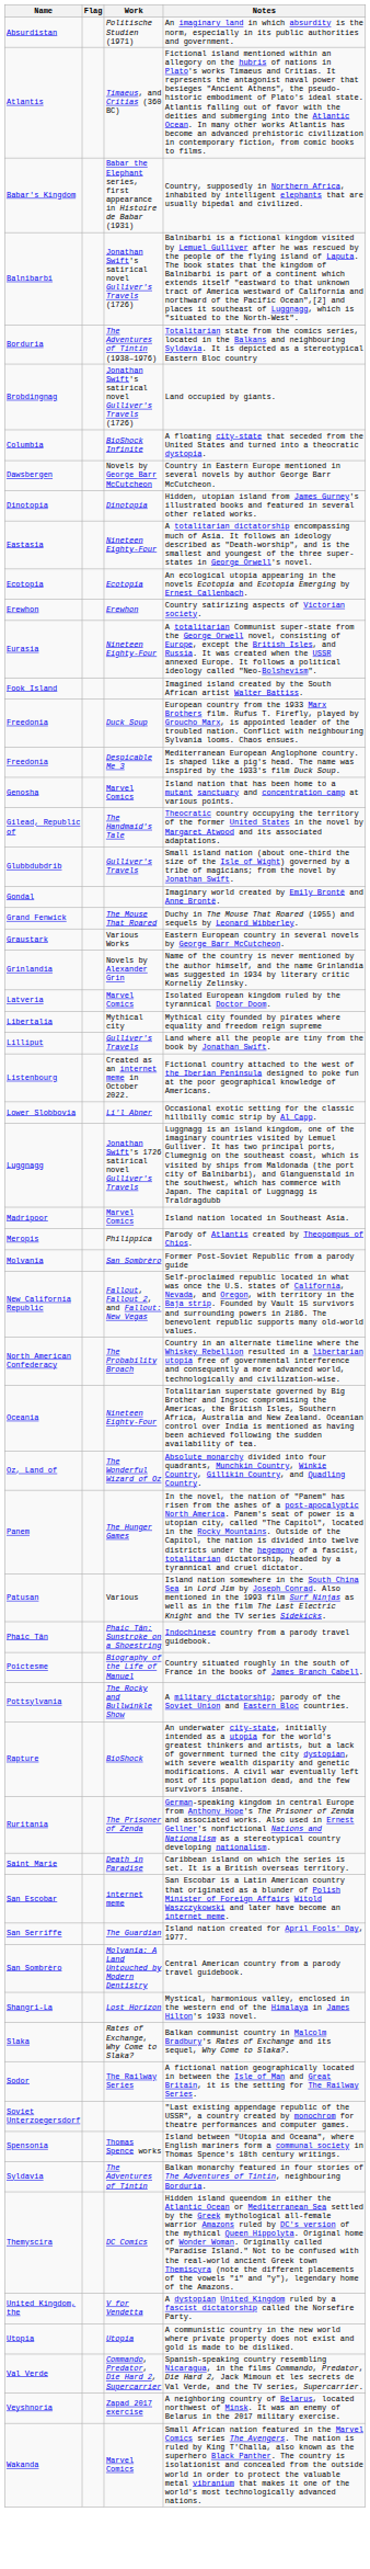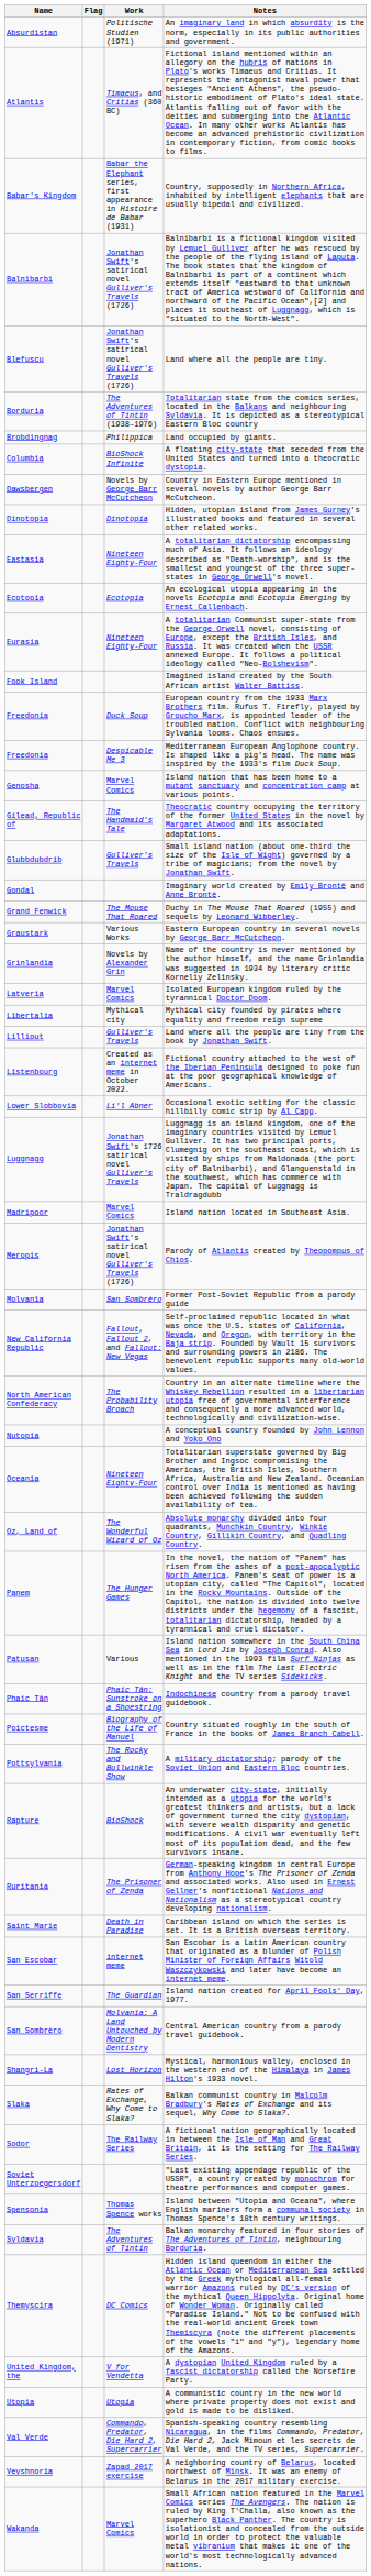 <table class="wikitable sortable sticky-header">
 <tr>
 <th style="width:14%;">Name</th>
 <th style="width:100px;">Flag</th>
 <th style="width:13%;">Work</th>
 <th style="width:73%;">Notes</th>
 </tr>
 <tr>
 <td><a href='#'>Absurdistan</a></td>
 <td></td>
 <td><em>Politische Studien</em> (1971)</td>
 <td>An <a href='#'>imaginary land</a> in which <a href='#'>absurdity</a> is the norm, especially in its public authorities and government.</td>
 </tr>
 <tr>
 <td><a href='#'>Atlantis</a></td>
 <td></td>
 <td><em><a href='#'>Timaeus</a></em>, and <em><a href='#'>Critias</a></em> (360 BC)</td>
 <td>Fictional island mentioned within an allegory on the <a href='#'>hubris</a> of nations in <a href='#'>Plato</a>'s works Timaeus and Critias. It represents the antagonist naval power that besieges "Ancient Athens", the pseudo-historic embodiment of Plato's ideal state. Atlantis falling out of favor with the deities and submerging into the <a href='#'>Atlantic Ocean</a>. In many other works Atlantis has become an advanced prehistoric civilization in contemporary fiction, from comic books to films.</td>
 </tr>
 <tr>
 <td><a href='#'>Babar's Kingdom</a></td>
 <td></td>
 <td><a href='#'>Babar the Elephant</a> series, first appearance in <em>Histoire de Babar</em> (1931)</td>
 <td>Country, supposedly in <a href='#'>Northern Africa</a>, inhabited by intelligent <a href='#'>elephants</a> that are usually bipedal and civilized.</td>
 </tr>
 <tr>
 <td><a href='#'>Balnibarbi</a></td>
 <td></td>
 <td><a href='#'>Jonathan Swift</a>'s satirical novel <em><a href='#'>Gulliver's Travels</a></em> (1726)</td>
 <td>Balnibarbi is a fictional kingdom visited by <a href='#'>Lemuel Gulliver</a>  after he was rescued by the people of the flying island of <a href='#'>Laputa</a>.<br>The book states that the kingdom of Balnibarbi is part of a continent which extends itself "eastward to that unknown tract of America westward of California and northward of the Pacific Ocean",[2] and places it southeast of <a href='#'>Luggnagg</a>, which is "situated to the North-West".</td>
 </tr>
 <tr>
+<td><a href='#'>Blefuscu</a></td>
+<td></td>
+<td><a href='#'>Jonathan Swift</a>'s satirical novel <em><a href='#'>Gulliver's Travels</a></em> (1726)</td>
+<td>Land where all the people are tiny.</td>
+</tr>
+<tr>
 <td><a href='#'>Borduria</a></td>
 <td></td>
 <td><em><a href='#'>The Adventures of Tintin</a></em> (1938–1976)</td>
 <td><a href='#'>Totalitarian</a> state from the comics series, located in the <a href='#'>Balkans</a> and neighbouring <a href='#'>Syldavia</a>. It is depicted as a stereotypical Eastern Bloc country</td>
 </tr>
 <tr>
 <td><a href='#'>Brobdingnag</a></td>
 <td></td>
-<td><a href='#'>Jonathan Swift</a>'s satirical novel <em><a href='#'>Gulliver's Travels</a></em> (1726)</td>
+<td><em>Philippica</em></td>
 <td>Land occupied by giants.</td>
 </tr>
 <tr>
 <td><a href='#'>Columbia</a></td>
 <td></td>
 <td><em><a href='#'>BioShock Infinite</a></em></td>
 <td>A floating <a href='#'>city-state</a> that seceded from the United States and turned into a theocratic <a href='#'>dystopia</a>.</td>
 </tr>
 <tr>
 <td><a href='#'>Dawsbergen</a></td>
 <td></td>
 <td>Novels by <a href='#'>George Barr McCutcheon</a></td>
 <td>Country in Eastern Europe mentioned in several novels by author George Barr McCutcheon.</td>
 </tr>
 <tr>
 <td><a href='#'>Dinotopia</a></td>
 <td></td>
 <td><em><a href='#'>Dinotopia</a></em></td>
 <td>Hidden, utopian island from <a href='#'>James Gurney</a>'s illustrated books and featured in several other related works.</td>
 </tr>
 <tr>
 <td><a href='#'>Eastasia</a></td>
 <td></td>
 <td><em><a href='#'>Nineteen Eighty-Four</a></em></td>
 <td>A <a href='#'>totalitarian dictatorship</a> encompassing much of Asia. It follows an ideology described as "Death-worship", and is the smallest and youngest of the three super-states in <a href='#'>George Orwell</a>'s novel.</td>
 </tr>
 <tr>
 <td><a href='#'>Ecotopia</a></td>
 <td></td>
 <td><em><a href='#'>Ecotopia</a></em></td>
 <td>An ecological utopia appearing in the novels <em>Ecotopia</em> and <em>Ecotopia Emerging</em> by <a href='#'>Ernest Callenbach</a>.</td>
-</tr>
-<tr>
-<td><a href='#'>Erewhon</a></td>
-<td></td>
-<td><em><a href='#'>Erewhon</a></em></td>
-<td>Country satirizing aspects of <a href='#'>Victorian society</a>.</td>
 </tr>
 <tr>
 <td><a href='#'>Eurasia</a></td>
 <td></td>
 <td><em><a href='#'>Nineteen Eighty-Four</a></em></td>
 <td>A <a href='#'>totalitarian</a> Communist super-state from the <a href='#'>George Orwell</a> novel, consisting of <a href='#'>Europe</a>, except the <a href='#'>British Isles</a>, and <a href='#'>Russia</a>. It was created when the <a href='#'>USSR</a> annexed Europe. It follows a political ideology called "Neo-<a href='#'>Bolshevism</a>".</td>
 </tr>
 <tr>
 <td><a href='#'>Fook Island</a></td>
 <td></td>
 <td></td>
 <td>Imagined island created by the South African artist <a href='#'>Walter Battiss</a>.</td>
 </tr>
 <tr>
 <td><a href='#'>Freedonia</a></td>
 <td></td>
 <td><em><a href='#'>Duck Soup</a></em></td>
 <td>European country from the 1933 <a href='#'>Marx Brothers</a> film. Rufus T. Firefly, played by <a href='#'>Groucho Marx</a>, is appointed leader of the troubled nation. Conflict with neighbouring Sylvania looms. Chaos ensues.</td>
 </tr>
 <tr>
 <td><a href='#'>Freedonia</a></td>
 <td></td>
 <td><em><a href='#'>Despicable Me 3</a></em></td>
 <td>Mediterranean European Anglophone country. Is shaped like a pig's head. The name was inspired by the 1933's film <em>Duck Soup</em>.</td>
 </tr>
 <tr>
 <td><a href='#'>Genosha</a></td>
 <td></td>
 <td><a href='#'>Marvel Comics</a></td>
 <td>Island nation that has been home to a <a href='#'>mutant</a> <a href='#'>sanctuary</a> and <a href='#'>concentration camp</a> at various points.</td>
 </tr>
 <tr>
 <td><a href='#'>Gilead, Republic of</a></td>
 <td></td>
 <td><em><a href='#'>The Handmaid's Tale</a></em></td>
 <td><a href='#'>Theocratic</a> country occupying the territory of the former <a href='#'>United States</a> in the novel by <a href='#'>Margaret Atwood</a> and its associated adaptations.</td>
 </tr>
 <tr>
 <td><a href='#'>Glubbdubdrib</a></td>
 <td></td>
 <td><em><a href='#'>Gulliver's Travels</a></em></td>
 <td>Small island nation (about one-third the size of the <a href='#'>Isle of Wight</a>) governed by a tribe of magicians; from the novel by <a href='#'>Jonathan Swift</a>.</td>
 </tr>
 <tr>
 <td><a href='#'>Gondal</a></td>
 <td></td>
 <td></td>
 <td>Imaginary world created by <a href='#'>Emily Brontë</a> and <a href='#'>Anne Brontë</a>.</td>
 </tr>
 <tr>
 <td><a href='#'>Grand Fenwick</a></td>
 <td></td>
 <td><em><a href='#'>The Mouse That Roared</a></em></td>
 <td>Duchy in <em>The Mouse That Roared</em> (1955) and sequels by <a href='#'>Leonard Wibberley</a>.</td>
 </tr>
 <tr>
 <td><a href='#'>Graustark</a></td>
 <td></td>
 <td>Various Works</td>
 <td>Eastern European country in several novels by <a href='#'>George Barr McCutcheon</a>.</td>
 </tr>
 <tr>
 <td><a href='#'>Grinlandia</a></td>
 <td></td>
 <td>Novels by <a href='#'>Alexander Grin</a></td>
 <td>Name of the country is never mentioned by the author himself, and the name Grinlandia was suggested in 1934 by literary critic Korneliy Zelinsky.</td>
 </tr>
 <tr>
 <td><a href='#'>Latveria</a></td>
 <td></td>
 <td><a href='#'>Marvel Comics</a></td>
 <td>Isolated European kingdom ruled by the tyrannical <a href='#'>Doctor Doom</a>.</td>
 </tr>
 <tr>
 <td><a href='#'>Libertalia</a></td>
 <td></td>
 <td>Mythical city</td>
 <td>Mythical city founded by pirates where equality and freedom reign supreme</td>
 </tr>
 <tr>
 <td><a href='#'>Lilliput</a></td>
 <td></td>
 <td><em><a href='#'>Gulliver's Travels</a></em></td>
 <td>Land where all the people are tiny from the book by <a href='#'>Jonathan Swift</a>.</td>
 </tr>
 <tr>
 <td><a href='#'>Listenbourg</a></td>
 <td></td>
 <td>Created as an <a href='#'>internet meme</a> in October 2022.</td>
 <td>Fictional country attached to the west of <a href='#'>the Iberian Peninsula</a> designed to poke fun at the poor geographical knowledge of Americans.</td>
 </tr>
 <tr>
 <td><a href='#'>Lower Slobbovia</a></td>
 <td></td>
 <td><em><a href='#'>Li'l Abner</a></em></td>
 <td>Occasional exotic setting for the classic hillbilly comic strip by <a href='#'>Al Capp</a>.</td>
 </tr>
 <tr>
 <td><a href='#'>Luggnagg</a></td>
 <td></td>
 <td><a href='#'>Jonathan Swift</a>'s 1726 satirical novel <em><a href='#'>Gulliver's Travels</a></em></td>
 <td>Luggnagg is an island kingdom, one of the imaginary countries visited by Lemuel Gulliver. It has two principal ports, Clumegnig on the southeast coast, which is visited by ships from Maldonada (the port city of Balnibarbi), and Glanguenstald in the southwest, which has commerce with Japan. The capital of Luggnagg is Traldragdubb</td>
 </tr>
 <tr>
 <td><a href='#'>Madripoor</a></td>
 <td></td>
 <td><a href='#'>Marvel Comics</a></td>
 <td>Island nation located in Southeast Asia.</td>
 </tr>
 <tr>
 <td><a href='#'>Meropis</a></td>
 <td></td>
-<td><em>Philippica</em></td>
+<td><a href='#'>Jonathan Swift</a>'s satirical novel <em><a href='#'>Gulliver's Travels</a></em> (1726)</td>
 <td>Parody of <a href='#'>Atlantis</a> created by <a href='#'>Theopompus of Chios</a>.</td>
 </tr>
 <tr>
 <td><a href='#'>Molvanîa</a></td>
 <td></td>
 <td><em><a href='#'>San Sombrèro</a></em></td>
 <td>Former Post-Soviet Republic from a parody guide</td>
 </tr>
 <tr>
 <td><a href='#'>New California Republic</a></td>
 <td></td>
 <td><em><a href='#'>Fallout</a></em>, <em><a href='#'>Fallout 2</a></em>, and <em><a href='#'>Fallout: New Vegas</a></em></td>
 <td>Self-proclaimed republic located in what was once the U.S. states of <a href='#'>California</a>, <a href='#'>Nevada</a>, and <a href='#'>Oregon</a>, with territory in the <a href='#'>Baja strip</a>. Founded by Vault 15 survivors and surrounding powers in 2186. The benevolent republic supports many old-world values.</td>
 </tr>
 <tr>
 <td><a href='#'>North American Confederacy</a></td>
 <td></td>
 <td><em><a href='#'>The Probability Broach</a></em></td>
 <td>Country in an alternate timeline where the <a href='#'>Whiskey Rebellion</a> resulted in a <a href='#'>libertarian</a> <a href='#'>utopia</a> free of governmental interference and consequently a more advanced world, technologically and civilization-wise.</td>
+</tr>
+<tr>
+<td><a href='#'>Nutopia</a></td>
+<td></td>
+<td></td>
+<td>A conceptual country founded by <a href='#'>John Lennon</a> and <a href='#'>Yoko Ono</a></td>
 </tr>
 <tr>
 <td><a href='#'>Oceania</a></td>
 <td></td>
 <td><em><a href='#'>Nineteen Eighty-Four</a></em></td>
 <td>Totalitarian superstate governed by Big Brother and Ingsoc compromising the Americas, the British Isles, Southern Africa, Australia and New Zealand. Oceanian control over India is mentioned as having been achieved following the sudden availability of tea.</td>
 </tr>
 <tr>
 <td><a href='#'>Oz, Land of</a></td>
 <td></td>
 <td><em><a href='#'>The Wonderful Wizard of Oz</a></em></td>
 <td><a href='#'>Absolute monarchy</a> divided into four quadrants, <a href='#'>Munchkin Country</a>, <a href='#'>Winkie Country</a>, <a href='#'>Gillikin Country</a>, and <a href='#'>Quadling Country</a>.</td>
 </tr>
 <tr>
 <td><a href='#'>Panem</a></td>
 <td></td>
 <td><em><a href='#'>The Hunger Games</a></em></td>
 <td>In the novel, the nation of "Panem" has risen from the ashes of a <a href='#'>post-apocalyptic</a> <a href='#'>North America</a>. Panem's seat of power is a utopian city, called "The Capitol", located in the <a href='#'>Rocky Mountains</a>. Outside of the Capitol, the nation is divided into twelve districts under the <a href='#'>hegemony</a> of a fascist, <a href='#'>totalitarian</a> dictatorship, headed by a tyrannical and cruel dictator.</td>
 </tr>
 <tr>
 <td><a href='#'>Patusan</a></td>
 <td></td>
 <td>Various</td>
 <td>Island nation somewhere in the <a href='#'>South China Sea</a> in <em>Lord Jim</em> by <a href='#'>Joseph Conrad</a>. Also mentioned in the 1993 film <em><a href='#'>Surf Ninjas</a></em> as well as in the film <em>The Last Electric Knight</em> and the TV series <em><a href='#'>Sidekicks</a></em>.</td>
 </tr>
 <tr>
 <td><a href='#'>Phaic Tăn</a></td>
 <td></td>
 <td><em><a href='#'>Phaic Tăn: Sunstroke on a Shoestring</a></em></td>
 <td><a href='#'>Indochinese</a> country from a parody travel guidebook.</td>
 </tr>
 <tr>
 <td><a href='#'>Poictesme</a></td>
 <td></td>
 <td><em><a href='#'>Biography of the Life of Manuel</a></em></td>
 <td>Country situated roughly in the south of France in the books of <a href='#'>James Branch Cabell</a>.</td>
 </tr>
 <tr>
 <td><a href='#'>Pottsylvania</a></td>
 <td></td>
 <td><em><a href='#'>The Rocky and Bullwinkle Show</a></em></td>
 <td>A <a href='#'>military dictatorship</a>; parody of the <a href='#'>Soviet Union</a> and <a href='#'>Eastern Bloc</a> countries.</td>
 </tr>
 <tr>
 <td><a href='#'>Rapture</a></td>
 <td></td>
 <td><em><a href='#'>BioShock</a></em></td>
 <td>An underwater <a href='#'>city-state</a>, initially intended as a <a href='#'>utopia</a> for the world's greatest thinkers and artists, but a lack of government turned the city <a href='#'>dystopian</a>, with severe wealth disparity and genetic modifications. A civil war eventually left most of its population dead, and the few survivors insane.</td>
 </tr>
 <tr>
 <td><a href='#'>Ruritania</a></td>
 <td></td>
 <td><em><a href='#'>The Prisoner of Zenda</a></em></td>
 <td><a href='#'>German</a>-speaking kingdom in central Europe from <a href='#'>Anthony Hope</a>'s <em>The Prisoner of Zenda</em> and associated works. Also used in <a href='#'>Ernest Gellner</a>'s nonfictional <em><a href='#'>Nations and Nationalism</a></em> as a stereotypical country developing <a href='#'>nationalism</a>.</td>
 </tr>
 <tr>
 <td><a href='#'>Saint Marie</a></td>
 <td></td>
 <td><em><a href='#'>Death in Paradise</a></em></td>
 <td>Caribbean island on which the series is set. It is a British overseas territory.</td>
 </tr>
 <tr>
 <td><a href='#'>San Escobar</a></td>
 <td></td>
 <td><a href='#'>internet meme</a></td>
 <td>San Escobar is a Latin American country that originated as a blunder of <a href='#'>Polish</a> <a href='#'>Minister of Foreign Affairs</a> <a href='#'>Witold Waszczykowski</a> and later have become an <a href='#'>internet meme</a>.</td>
 </tr>
 <tr>
 <td><a href='#'>San Serriffe</a></td>
 <td></td>
 <td><em><a href='#'>The Guardian</a></em></td>
 <td>Island nation created for <a href='#'>April Fools' Day</a>, 1977.</td>
 </tr>
 <tr>
 <td><a href='#'>San Sombrèro</a></td>
 <td></td>
 <td><em><a href='#'>Molvanîa: A Land Untouched by Modern Dentistry</a></em></td>
 <td>Central American country from a parody travel guidebook.</td>
 </tr>
 <tr>
 <td><a href='#'>Shangri-La</a></td>
 <td></td>
 <td><em><a href='#'>Lost Horizon</a></em></td>
 <td>Mystical, harmonious valley, enclosed in the western end of the <a href='#'>Himalaya</a> in <a href='#'>James Hilton</a>'s 1933 novel.</td>
 </tr>
 <tr>
 <td><a href='#'>Slaka</a></td>
 <td></td>
 <td><em>Rates of Exchange</em>, <em>Why Come to Slaka?</em></td>
 <td>Balkan communist country in <a href='#'>Malcolm Bradbury</a>'s <em>Rates of Exchange</em> and its sequel, <em>Why Come to Slaka?</em>.</td>
 </tr>
 <tr>
 <td><a href='#'>Sodor</a></td>
 <td></td>
 <td><a href='#'>The Railway Series</a></td>
 <td>A fictional nation geographically located in between the <a href='#'>Isle of Man</a> and <a href='#'>Great Britain</a>, it is the setting for <a href='#'>The Railway Series</a>.</td>
 </tr>
 <tr>
 <td><a href='#'>Soviet Unterzoegersdorf</a></td>
 <td></td>
 <td></td>
 <td>"Last existing appendage republic of the USSR", a country created by <a href='#'>monochrom</a> for theatre performances and computer games.</td>
 </tr>
 <tr>
 <td><a href='#'>Spensonia</a></td>
 <td></td>
 <td><a href='#'>Thomas Spence</a> works</td>
 <td>Island between "Utopia and Oceana", where English mariners form a <a href='#'>communal society</a> in Thomas Spence's 18th century writings.</td>
 </tr>
 <tr>
 <td><a href='#'>Syldavia</a></td>
 <td></td>
 <td><em><a href='#'>The Adventures of Tintin</a></em></td>
 <td>Balkan monarchy featured in four stories of <em><a href='#'>The Adventures of Tintin</a></em>, neighbouring <a href='#'>Borduria</a>.</td>
 </tr>
 <tr>
 <td><a href='#'>Themyscira</a></td>
 <td></td>
 <td><em><a href='#'>DC Comics</a></em></td>
 <td>Hidden island queendom in either the <a href='#'>Atlantic Ocean</a> or <a href='#'>Mediterranean Sea</a> settled by the <a href='#'>Greek</a> mythological all-female warrior <a href='#'>Amazons</a> ruled by <a href='#'>DC's version</a> of the mythical <a href='#'>Queen Hippolyta</a>. Original home of <a href='#'>Wonder Woman</a>. Originally called "Paradise Island." Not to be confused with the real-world ancient Greek town <a href='#'>Themiscyra</a> (note the different placements of the vowels "i" and "y"), legendary home of the Amazons.</td>
 </tr>
 <tr>
 <td><a href='#'>United Kingdom, the</a></td>
 <td></td>
 <td><em><a href='#'>V for Vendetta</a></em></td>
 <td>A <a href='#'>dystopian</a> <a href='#'>United Kingdom</a> ruled by a <a href='#'>fascist dictatorship</a> called the Norsefire Party.</td>
 </tr>
 <tr>
 <td><a href='#'>Utopia</a></td>
 <td></td>
 <td><em><a href='#'>Utopia</a></em></td>
 <td>A communistic country in the new world where private property does not exist and gold is made to be disliked.</td>
 </tr>
 <tr>
 <td><a href='#'>Val Verde</a></td>
 <td></td>
 <td><em><a href='#'>Commando</a></em>, <em><a href='#'>Predator</a></em>, <em><a href='#'>Die Hard 2</a>, <a href='#'>Supercarrier</a></em></td>
 <td>Spanish-speaking country resembling <a href='#'>Nicaragua</a>, in the films <em>Commando</em>, <em>Predator</em>, <em>Die Hard 2,</em> Jack Mimoun et les secrets de Val Verde, and the TV series, <em>Supercarrier</em>.</td>
 </tr>
 <tr>
 <td><a href='#'>Veyshnoria</a></td>
 <td></td>
 <td><a href='#'>Zapad 2017 exercise</a></td>
 <td>A neighboring country of <a href='#'>Belarus</a>, located northwest of <a href='#'>Minsk</a>. It was an enemy of Belarus in the 2017 military exercise.</td>
 </tr>
 <tr>
 <td><a href='#'>Wakanda</a></td>
 <td></td>
 <td><a href='#'>Marvel Comics</a></td>
 <td>Small African nation featured in the <a href='#'>Marvel Comics</a> series <em><a href='#'>The Avengers</a></em>. The nation is ruled by King T'Challa, also known as the superhero <a href='#'>Black Panther</a>. The country is isolationist and concealed from the outside world in order to protect the valuable metal <a href='#'>vibranium</a> that makes it one of the world's most technologically advanced nations.</td>
 </tr>
 </table>
